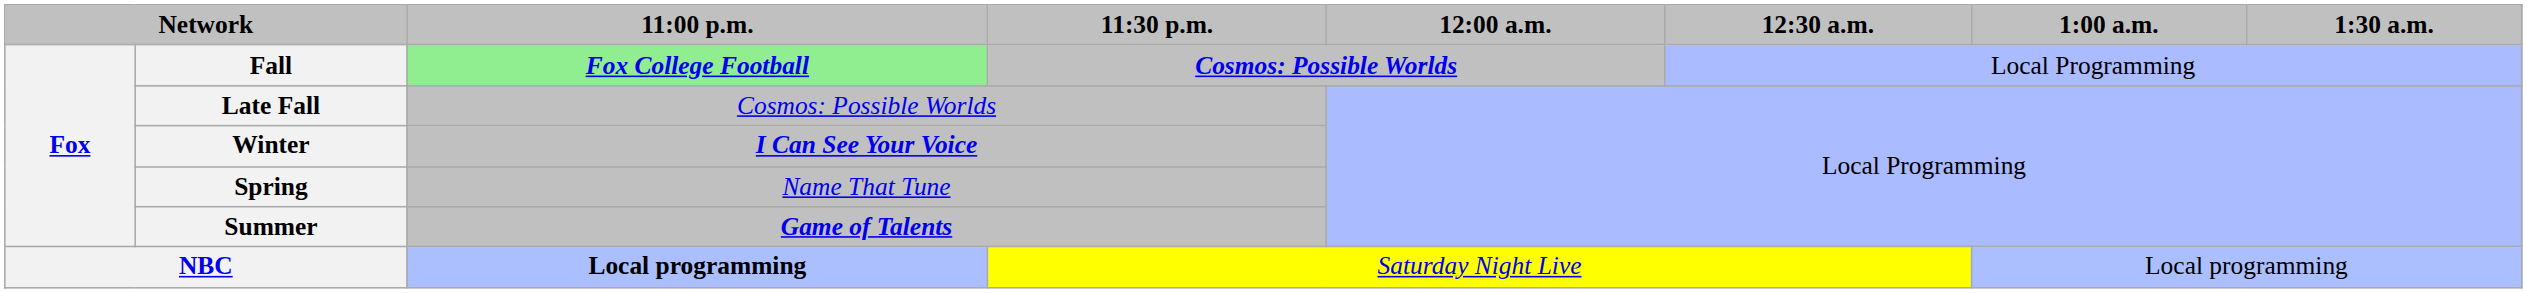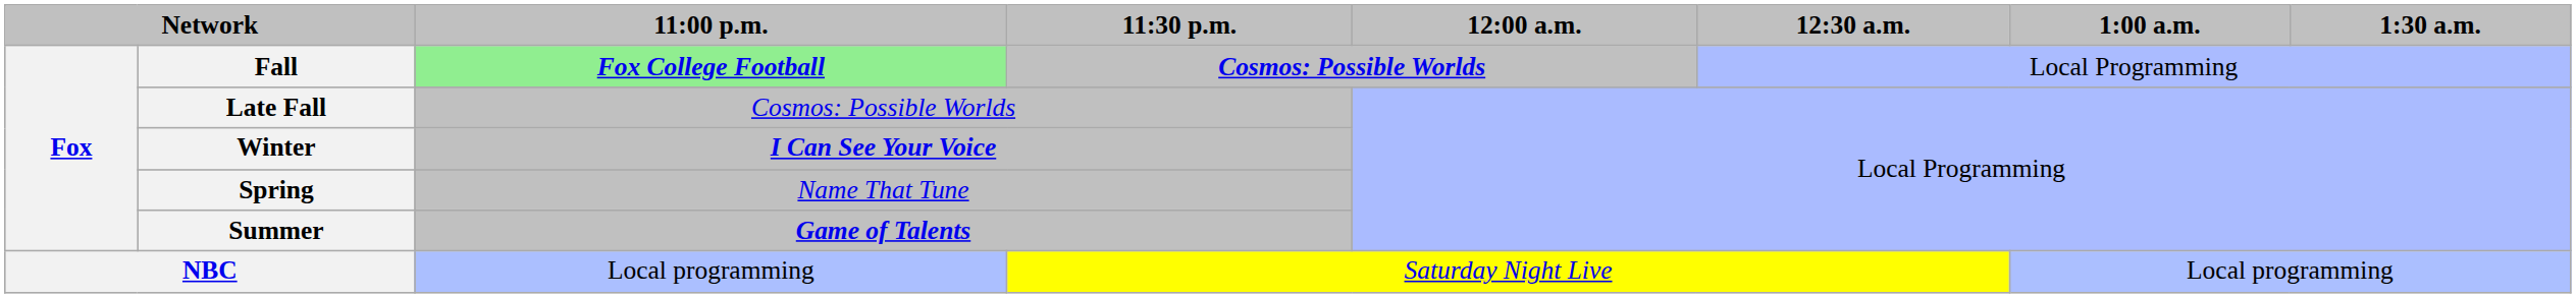 <table class="wikitable" style="width:100%;margin-right:0;text-align:center">
 <tr>
 <th colspan="2" style="background-color:#C0C0C0;text-align:center">Network</th>
 <th style="background-color:#C0C0C0;text-align:center">11:00 p.m.</th>
 <th style="background-color:#C0C0C0;text-align:center">11:30 p.m.</th>
 <th style="background-color:#C0C0C0;text-align:center">12:00 a.m.</th>
 <th style="background-color:#C0C0C0;text-align:center">12:30 a.m.</th>
 <th style="background-color:#C0C0C0;text-align:center">1:00 a.m.</th>
 <th style="background-color:#C0C0C0;text-align:center">1:30 a.m.</th>
 </tr>
 <tr>
 <th rowspan="5"><a href='#'>Fox</a></th>
 <th>Fall</th>
 <td style="background:lightgreen"><strong><em><a href='#'>Fox College Football</a></em></strong></td>
 <td colspan="2" style="background:#C0C0C0"><strong><em><a href='#'>Cosmos: Possible Worlds</a></em></strong> </td>
 <td colspan="3" style="background:#aabbff">Local Programming</td>
 </tr>
 <tr>
 <th>Late Fall</th>
 <td colspan="2" style="background:#C0C0C0"><em><a href='#'>Cosmos: Possible Worlds</a></em> </td>
 <td colspan="4" rowspan="4" style="background:#aabbff">Local Programming</td>
 </tr>
 <tr>
 <th>Winter</th>
 <td colspan="2" style="background:#C0C0C0"><strong><em><a href='#'>I Can See Your Voice</a></em></strong> </td>
 </tr>
 <tr>
 <th>Spring</th>
 <td colspan="2" style="background:#C0C0C0"><em><a href='#'>Name That Tune</a></em> </td>
 </tr>
 <tr>
 <th>Summer</th>
 <td colspan="2" style="background:#C0C0C0"><strong><em><a href='#'>Game of Talents</a></em></strong> </td>
 </tr>
 <tr>
 <th colspan="2"><a href='#'>NBC</a></th>
-<td style="background:#abbfff"><strong>Local programming</strong></td>
+<td style="background:#abbfff">Local programming</td>
 <td colspan="3" style="background:yellow"><em><a href='#'>Saturday Night Live</a></em></td>
 <td colspan="2" style="background:#abbfff">Local programming </td>
 </tr>
 </table>
